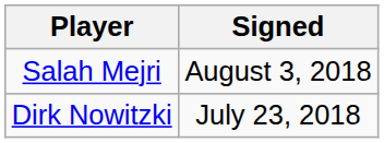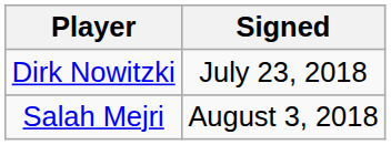 <table class="wikitable sortable sortable">
 <tr>
 <th>Player</th>
 <th>Signed</th>
 </tr>
 <tr style="text-align: center">
+<td><a href='#'>Dirk Nowitzki</a></td>
+<td>July 23, 2018</td>
+</tr>
+<tr style="text-align: center">
 <td><a href='#'>Salah Mejri</a></td>
 <td>August 3, 2018</td>
 </tr>
-<tr style="text-align: center">
-<td><a href='#'>Dirk Nowitzki</a></td>
-<td>July 23, 2018</td>
-</tr>
 </table>
